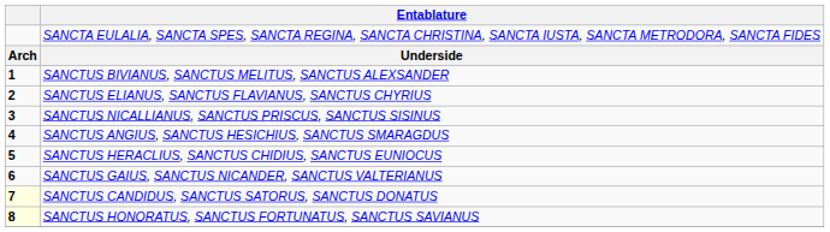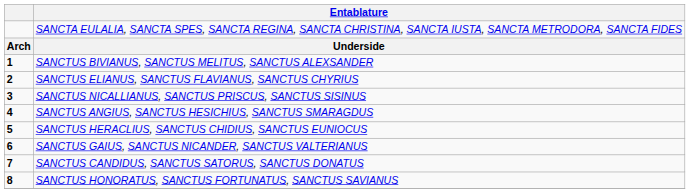 <table class="wikitable">
 <tr>
 <th></th>
 <th><a href='#'>Entablature</a></th>
 </tr>
 <tr>
 <td></td>
 <td><em><a href='#'>SANCTA EULALIA</a>, <a href='#'>SANCTA SPES</a>, <a href='#'>SANCTA REGINA</a>, <a href='#'>SANCTA CHRISTINA</a>, <a href='#'>SANCTA IUSTA</a>, <a href='#'>SANCTA METRODORA</a>, <a href='#'>SANCTA FIDES</a></em></td>
 </tr>
 <tr>
 <th>Arch</th>
 <th>Underside</th>
 </tr>
 <tr>
 <td><strong>1</strong></td>
 <td><em><a href='#'>SANCTUS BIVIANUS</a>, <a href='#'>SANCTUS MELITUS</a>, <a href='#'>SANCTUS ALEXSANDER</a></em></td>
 </tr>
 <tr>
 <td><strong>2</strong></td>
 <td><em><a href='#'>SANCTUS ELIANUS</a>, <a href='#'>SANCTUS FLAVIANUS</a>, <a href='#'>SANCTUS CHYRIUS</a></em></td>
 </tr>
 <tr>
 <td><strong>3</strong></td>
 <td><em><a href='#'>SANCTUS NICALLIANUS</a>, <a href='#'>SANCTUS PRISCUS</a>, <a href='#'>SANCTUS SISINUS</a></em></td>
 </tr>
 <tr>
 <td><strong>4</strong></td>
 <td><em><a href='#'>SANCTUS ANGIUS</a>, <a href='#'>SANCTUS HESICHIUS</a>, <a href='#'>SANCTUS SMARAGDUS</a></em></td>
 </tr>
 <tr>
 <td><strong>5</strong></td>
 <td><em><a href='#'>SANCTUS HERACLIUS</a>, <a href='#'>SANCTUS CHIDIUS</a>, <a href='#'>SANCTUS EUNIOCUS</a></em></td>
 </tr>
 <tr>
 <td><strong>6</strong></td>
 <td><em><a href='#'>SANCTUS GAIUS</a>, <a href='#'>SANCTUS NICANDER</a>, <a href='#'>SANCTUS VALTERIANUS</a></em></td>
 </tr>
 <tr>
-<td style="background: lightyellow;"><strong>7</strong></td>
+<td><strong>7</strong></td>
 <td><em><a href='#'>SANCTUS CANDIDUS</a>, <a href='#'>SANCTUS SATORUS</a>, <a href='#'>SANCTUS DONATUS</a></em></td>
 </tr>
 <tr>
-<td style="background: lightyellow;"><strong>8</strong></td>
+<td><strong>8</strong></td>
 <td><em><a href='#'>SANCTUS HONORATUS</a>, <a href='#'>SANCTUS FORTUNATUS</a>, <a href='#'>SANCTUS SAVIANUS</a></em></td>
 </tr>
 <tr>
 </tr>
 </table>
